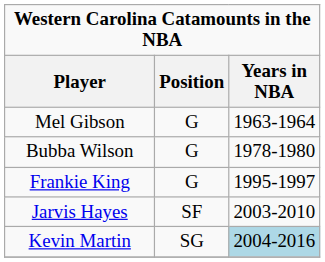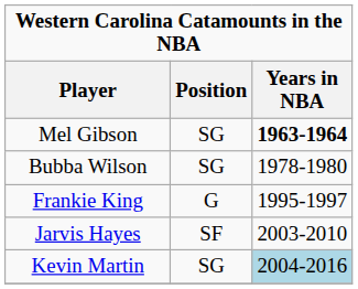 <table class="wikitable sortable" style="text-align:center">
 <tr>
 <td colspan="5"><strong>Western Carolina Catamounts in the NBA</strong></td>
 </tr>
 <tr>
 <th width=120px>Player</th>
 <th width=50px>Position</th>
 <th width=70px>Years in NBA</th>
 </tr>
 <tr>
 <td>Mel Gibson</td>
-<td>G</td>
-<td>1963-1964</td>
+<td>SG</td>
+<td><strong>1963-1964</strong></td>
 </tr>
 <tr>
 <td>Bubba Wilson</td>
-<td>G</td>
+<td>SG</td>
 <td>1978-1980</td>
 </tr>
 <tr>
 <td><a href='#'>Frankie King</a></td>
 <td>G</td>
 <td>1995-1997</td>
 </tr>
 <tr>
 <td><a href='#'>Jarvis Hayes</a></td>
 <td>SF</td>
 <td>2003-2010</td>
 </tr>
 <tr>
 <td><a href='#'>Kevin Martin</a></td>
 <td>SG</td>
 <td style="background: lightblue;">2004-2016</td>
 </tr>
 <tr>
 </tr>
 </table>
